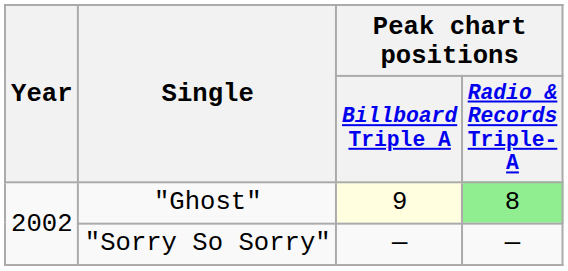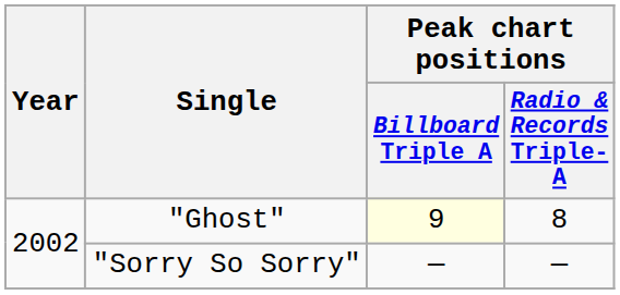 <table class="wikitable" style="text-align:center;">
 <tr>
 <th rowspan="2">Year</th>
 <th rowspan="2">Single</th>
 <th colspan="2">Peak chart positions</th>
 </tr>
 <tr style="font-size:smaller;">
 <th width="45"><a href='#'><em>Billboard</em> Triple A</a></th>
 <th width="45"><a href='#'><em>Radio & Records</em> Triple-A</a></th>
 </tr>
 <tr>
 <td rowspan="2">2002</td>
 <td>"Ghost"</td>
 <td style="background: lightyellow;">9</td>
-<td style="background: lightgreen;">8</td>
+<td>8</td>
 </tr>
 <tr>
 <td>"Sorry So Sorry"</td>
 <td>—</td>
 <td>—</td>
 </tr>
 </table>
